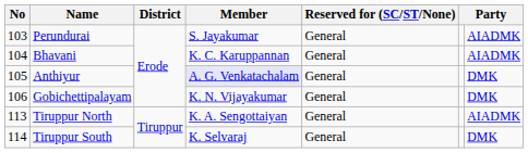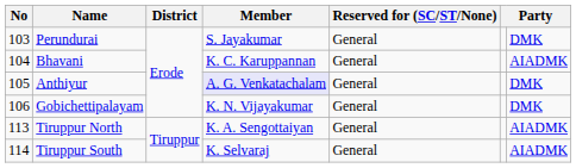 <table class="wikitable">
 <tr>
 <th>No</th>
 <th>Name</th>
 <th>District</th>
 <th>Member</th>
 <th>Reserved for (<a href='#'>SC</a>/<a href='#'>ST</a>/None)</th>
 <th colspan="2">Party</th>
 </tr>
 <tr>
 <td>103</td>
 <td><a href='#'>Perundurai</a></td>
 <td rowspan="4"><a href='#'>Erode</a></td>
 <td><a href='#'>S. Jayakumar</a></td>
 <td>General</td>
 <td style="background-color: "></td>
-<td><a href='#'>AIADMK</a></td>
+<td><a href='#'>DMK</a></td>
 </tr>
 <tr>
 <td>104</td>
 <td><a href='#'>Bhavani</a></td>
 <td><a href='#'>K. C. Karuppannan</a></td>
 <td>General</td>
 <td style="background-color: "></td>
 <td><a href='#'>AIADMK</a></td>
 </tr>
 <tr>
 <td>105</td>
 <td><a href='#'>Anthiyur</a></td>
 <td style="background: lavender;"><a href='#'>A. G. Venkatachalam</a></td>
 <td>General</td>
 <td style="background-color: "></td>
 <td><a href='#'>DMK</a></td>
 </tr>
 <tr>
 <td>106</td>
 <td><a href='#'>Gobichettipalayam</a></td>
 <td><a href='#'>K. N. Vijayakumar</a></td>
 <td>General</td>
 <td style="background-color: "></td>
 <td><a href='#'>DMK</a></td>
 </tr>
 <tr>
 <td>113</td>
 <td><a href='#'>Tiruppur North</a></td>
 <td rowspan="2"><a href='#'>Tiruppur</a></td>
 <td><a href='#'>K. A. Sengottaiyan</a></td>
 <td>General</td>
 <td style="background-color: "></td>
 <td><a href='#'>AIADMK</a></td>
 </tr>
 <tr>
 <td>114</td>
 <td><a href='#'>Tiruppur South</a></td>
 <td><a href='#'>K. Selvaraj</a></td>
 <td>General</td>
 <td style="background-color: "></td>
-<td><a href='#'>DMK</a></td>
+<td><a href='#'>AIADMK</a></td>
 </tr>
 </table>
